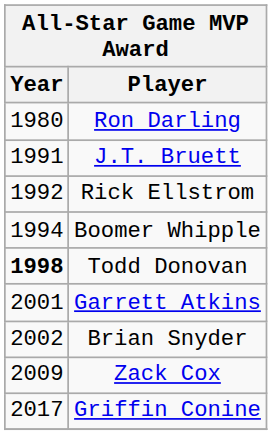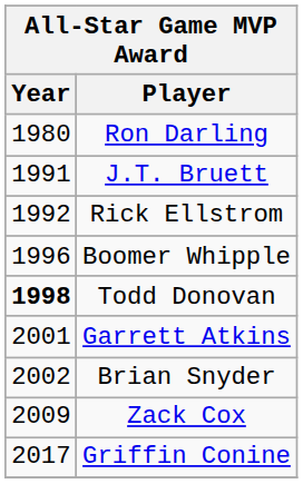 <table class="wikitable" style="display: inline-table; margin-right: 20px; text-align:center">
 <tr>
 <th scope="col" colspan="2" style="width: 145px;">All-Star Game MVP Award</th>
 </tr>
 <tr>
 <th scope="col">Year</th>
 <th scope="col">Player</th>
 </tr>
 <tr>
 <td>1980</td>
 <td><a href='#'>Ron Darling</a></td>
 </tr>
 <tr>
 <td>1991</td>
 <td><a href='#'>J.T. Bruett</a></td>
 </tr>
 <tr>
 <td>1992</td>
 <td>Rick Ellstrom</td>
 </tr>
 <tr>
-<td>1994</td>
+<td>1996</td>
 <td>Boomer Whipple</td>
 </tr>
 <tr>
 <td><strong>1998</strong></td>
 <td>Todd Donovan</td>
 </tr>
 <tr>
 <td>2001</td>
 <td><a href='#'>Garrett Atkins</a></td>
 </tr>
 <tr>
 <td>2002</td>
 <td>Brian Snyder</td>
 </tr>
 <tr>
 <td>2009</td>
 <td><a href='#'>Zack Cox</a></td>
 </tr>
 <tr>
 <td>2017</td>
 <td><a href='#'>Griffin Conine</a></td>
 </tr>
 <tr>
 </tr>
 </table>
